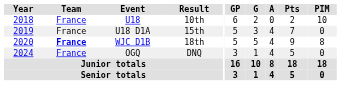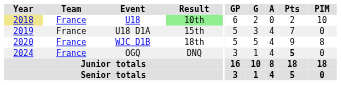 <table border="0" cellpadding="1" cellspacing="0" ID="Table3" style="text-align:center; width:40em;">
 <tr bgcolor="#e0e0e0">
 <th>Year</th>
 <th>Team</th>
 <th>Event</th>
 <th>Result</th>
 <th rowspan="99" bgcolor="#fff"></th>
 <th>GP</th>
 <th>G</th>
 <th>A</th>
 <th>Pts</th>
 <th>PIM</th>
 </tr>
 <tr>
-<td><a href='#'>2018</a></td>
+<td style="background: khaki;"><a href='#'>2018</a></td>
 <td><a href='#'>France</a></td>
 <td><a href='#'>U18</a></td>
-<td>10th</td>
+<td style="background: lightgreen;">10th</td>
 <td>6</td>
 <td>2</td>
 <td>0</td>
 <td>2</td>
 <td>10</td>
 </tr>
 <tr bgcolor="#f0f0f0">
 <td><a href='#'>2019</a></td>
 <td>France</td>
 <td>U18 D1A</td>
 <td>15th</td>
 <td>5</td>
 <td>3</td>
 <td>4</td>
 <td>7</td>
 <td>0</td>
 </tr>
 <tr>
 <td><a href='#'>2020</a></td>
-<td><strong><a href='#'>France</a></strong></td>
+<td><a href='#'>France</a></td>
 <td><a href='#'>WJC D1B</a></td>
 <td>18th</td>
 <td>5</td>
 <td>5</td>
 <td>4</td>
 <td>9</td>
 <td>8</td>
 </tr>
 <tr bgcolor="#f0f0f0">
 <td><a href='#'>2024</a></td>
 <td><a href='#'>France</a></td>
 <td>OGQ</td>
 <td>DNQ</td>
 <td>3</td>
 <td>1</td>
 <td>4</td>
-<td>5</td>
+<td><strong>5</strong></td>
 <td>0</td>
 </tr>
 <tr bgcolor="#e0e0e0">
 <th colspan=4>Junior totals</th>
 <th>16</th>
 <th>10</th>
 <th>8</th>
 <th>18</th>
 <th>18</th>
 </tr>
 <tr bgcolor="#e0e0e0">
 <th colspan=4>Senior totals</th>
 <th>3</th>
 <th>1</th>
 <th>4</th>
 <th>5</th>
 <th>0</th>
 </tr>
 </table>
